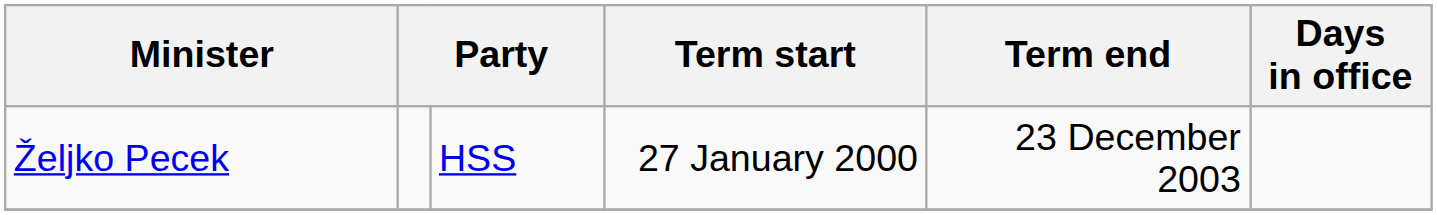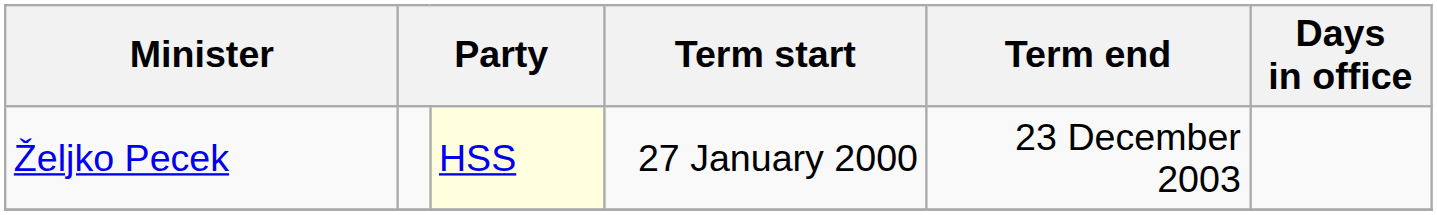 <table class="wikitable" style="text-align: left;">
 <tr>
 <th width="160">Minister</th>
 <th colspan=2 width="80">Party</th>
 <th width="130">Term start</th>
 <th width="130">Term end</th>
 <th width=70>Days<br> in office</th>
 </tr>
 <tr>
 <td><a href='#'>Željko Pecek</a></td>
 <td style="background-color: "></td>
-<td><a href='#'>HSS</a></td>
+<td style="background: lightyellow;"><a href='#'>HSS</a></td>
 <td align=right>27 January 2000</td>
 <td align=right>23 December 2003</td>
 <td align=right></td>
 </tr>
 <tr>
 </tr>
 </table>
